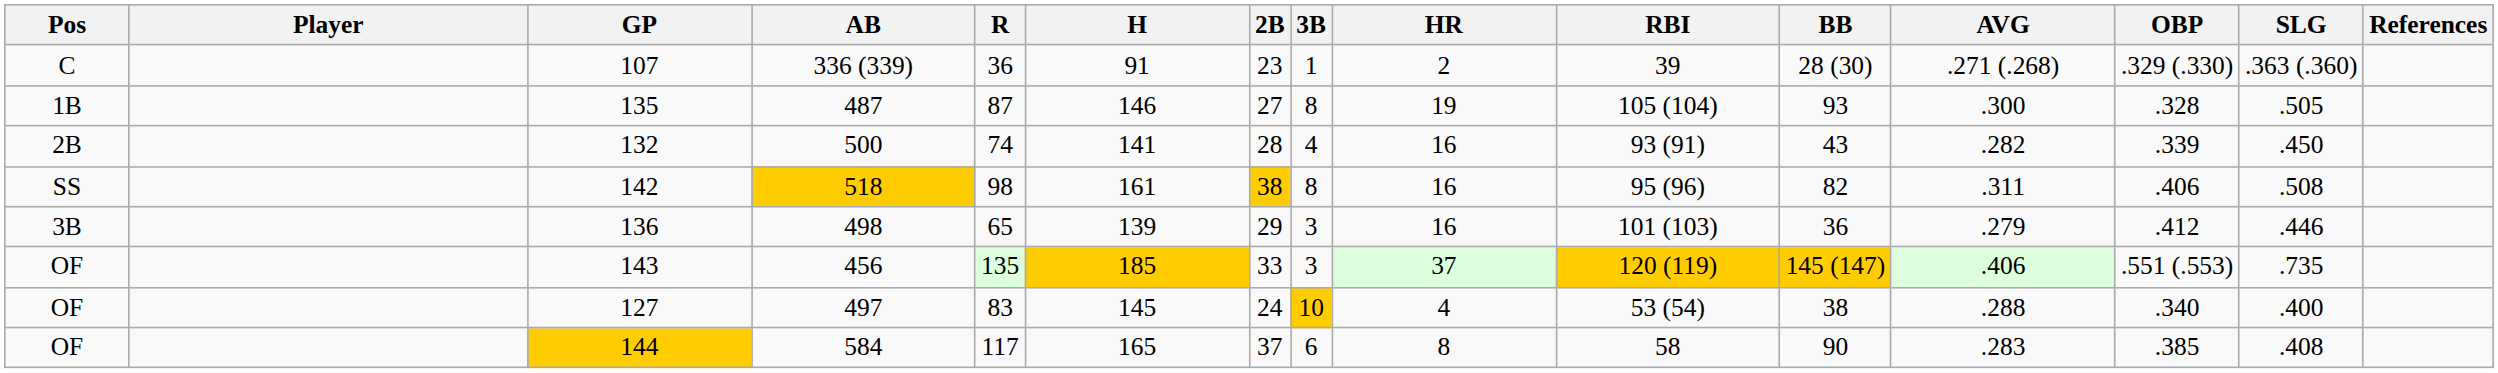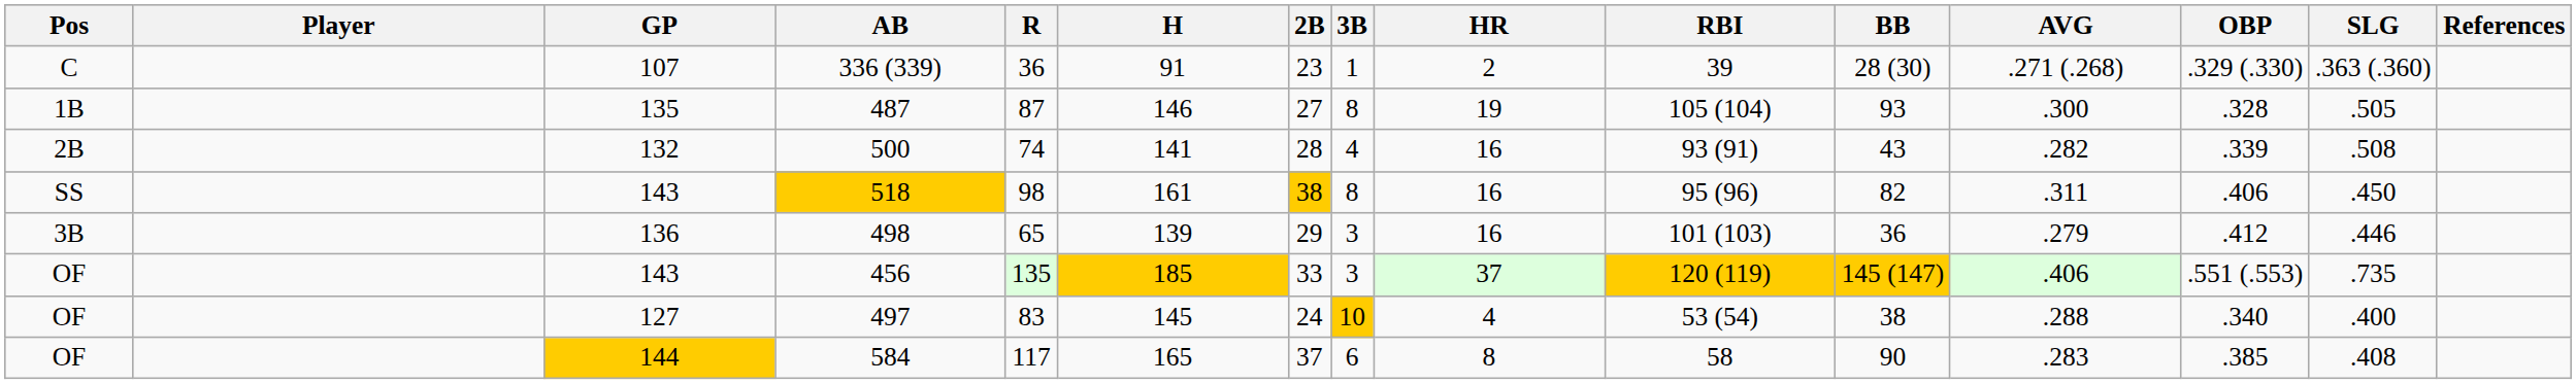 <table class="wikitable sortable">
 <tr>
 <th bgcolor="#DDDDFF" width="5%">Pos</th>
 <th bgcolor="#DDDDFF" width="16%">Player</th>
 <th bgcolor="#DDDDFF" width="9%">GP</th>
 <th bgcolor="#DDDDFF" width="9%">AB</th>
 <th>R</th>
 <th bgcolor="#DDDDFF" width="9%">H</th>
 <th>2B</th>
 <th>3B</th>
 <th bgcolor="#DDDDFF" width="9%">HR</th>
 <th bgcolor="#DDDDFF" width="9%">RBI</th>
 <th>BB</th>
 <th bgcolor="#DDDDFF" width="9%">AVG</th>
 <th>OBP</th>
 <th>SLG</th>
 <th>References</th>
 </tr>
 <tr align="center">
 <td>C</td>
 <td></td>
 <td>107</td>
 <td>336 (339)</td>
 <td>36</td>
 <td>91</td>
 <td>23</td>
 <td>1</td>
 <td>2</td>
 <td>39</td>
 <td>28 (30)</td>
 <td>.271 (.268)</td>
 <td>.329 (.330)</td>
 <td>.363 (.360)</td>
 <td></td>
 </tr>
 <tr align="center">
 <td>1B</td>
 <td></td>
 <td>135</td>
 <td>487</td>
 <td>87</td>
 <td>146</td>
 <td>27</td>
 <td>8</td>
 <td>19</td>
 <td>105 (104)</td>
 <td>93</td>
 <td>.300</td>
 <td>.328</td>
 <td>.505</td>
 <td></td>
 </tr>
 <tr align="center">
 <td>2B</td>
 <td></td>
 <td>132</td>
 <td>500</td>
 <td>74</td>
 <td>141</td>
 <td>28</td>
 <td>4</td>
 <td>16</td>
 <td>93 (91)</td>
 <td>43</td>
 <td>.282</td>
 <td>.339</td>
-<td>.450</td>
+<td>.508</td>
 <td></td>
 </tr>
 <tr align="center">
 <td>SS</td>
 <td></td>
-<td>142</td>
+<td>143</td>
 <td style="background:#fc0;">518</td>
 <td>98</td>
 <td>161</td>
 <td style="background:#fc0;">38</td>
 <td>8</td>
 <td>16</td>
 <td>95 (96)</td>
 <td>82</td>
 <td>.311</td>
 <td>.406</td>
-<td>.508</td>
+<td>.450</td>
 <td></td>
 </tr>
 <tr align="center">
 <td>3B</td>
 <td></td>
 <td>136</td>
 <td>498</td>
 <td>65</td>
 <td>139</td>
 <td>29</td>
 <td>3</td>
 <td>16</td>
 <td>101 (103)</td>
 <td>36</td>
 <td>.279</td>
 <td>.412</td>
 <td>.446</td>
 <td></td>
 </tr>
 <tr align="center">
 <td>OF</td>
 <td></td>
 <td>143</td>
 <td>456</td>
 <td style="background:#DDFFDD;">135</td>
 <td style="background:#fc0;">185</td>
 <td>33</td>
 <td>3</td>
 <td style="background:#DDFFDD;">37</td>
 <td style="background:#fc0;">120 (119)</td>
 <td style="background:#fc0;">145 (147)</td>
 <td style="background:#DDFFDD;">.406</td>
 <td>.551 (.553)</td>
 <td>.735</td>
 <td></td>
 </tr>
 <tr align="center">
 <td>OF</td>
 <td></td>
 <td>127</td>
 <td>497</td>
 <td>83</td>
 <td>145</td>
 <td>24</td>
 <td style="background:#fc0;">10</td>
 <td>4</td>
 <td>53 (54)</td>
 <td>38</td>
 <td>.288</td>
 <td>.340</td>
 <td>.400</td>
 <td></td>
 </tr>
 <tr align="center">
 <td>OF</td>
 <td></td>
 <td style="background:#fc0;">144</td>
 <td>584</td>
 <td>117</td>
 <td>165</td>
 <td>37</td>
 <td>6</td>
 <td>8</td>
 <td>58</td>
 <td>90</td>
 <td>.283</td>
 <td>.385</td>
 <td>.408</td>
 <td></td>
 </tr>
 </table>
